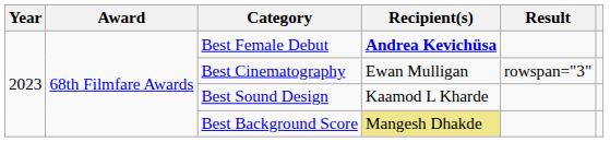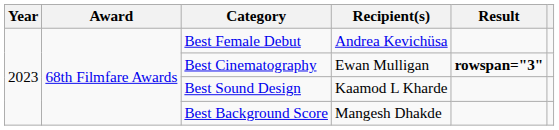 <table class="wikitable sortable"">
 <tr>
 <th>Year</th>
 <th>Award</th>
 <th>Category</th>
 <th>Recipient(s)</th>
 <th>Result</th>
 <th class="unsortable"></th>
 </tr>
 <tr>
 <td rowspan="4">2023</td>
 <td rowspan="4"><a href='#'>68th Filmfare Awards</a></td>
 <td><a href='#'>Best Female Debut</a></td>
-<td><strong><a href='#'>Andrea Kevichüsa</a></strong></td>
+<td><a href='#'>Andrea Kevichüsa</a></td>
 <td></td>
 <td></td>
 </tr>
 <tr>
 <td><a href='#'>Best Cinematography</a></td>
 <td>Ewan Mulligan</td>
-<td>rowspan="3"</td>
+<td><strong>rowspan="3"</strong></td>
 <td></td>
 </tr>
 <tr>
 <td><a href='#'>Best Sound Design</a></td>
 <td>Kaamod L Kharde</td>
 <td></td>
 <td></td>
 </tr>
 <tr>
 <td><a href='#'>Best Background Score</a></td>
-<td style="background: khaki;">Mangesh Dhakde</td>
+<td>Mangesh Dhakde</td>
 <td></td>
 </tr>
 </table>
